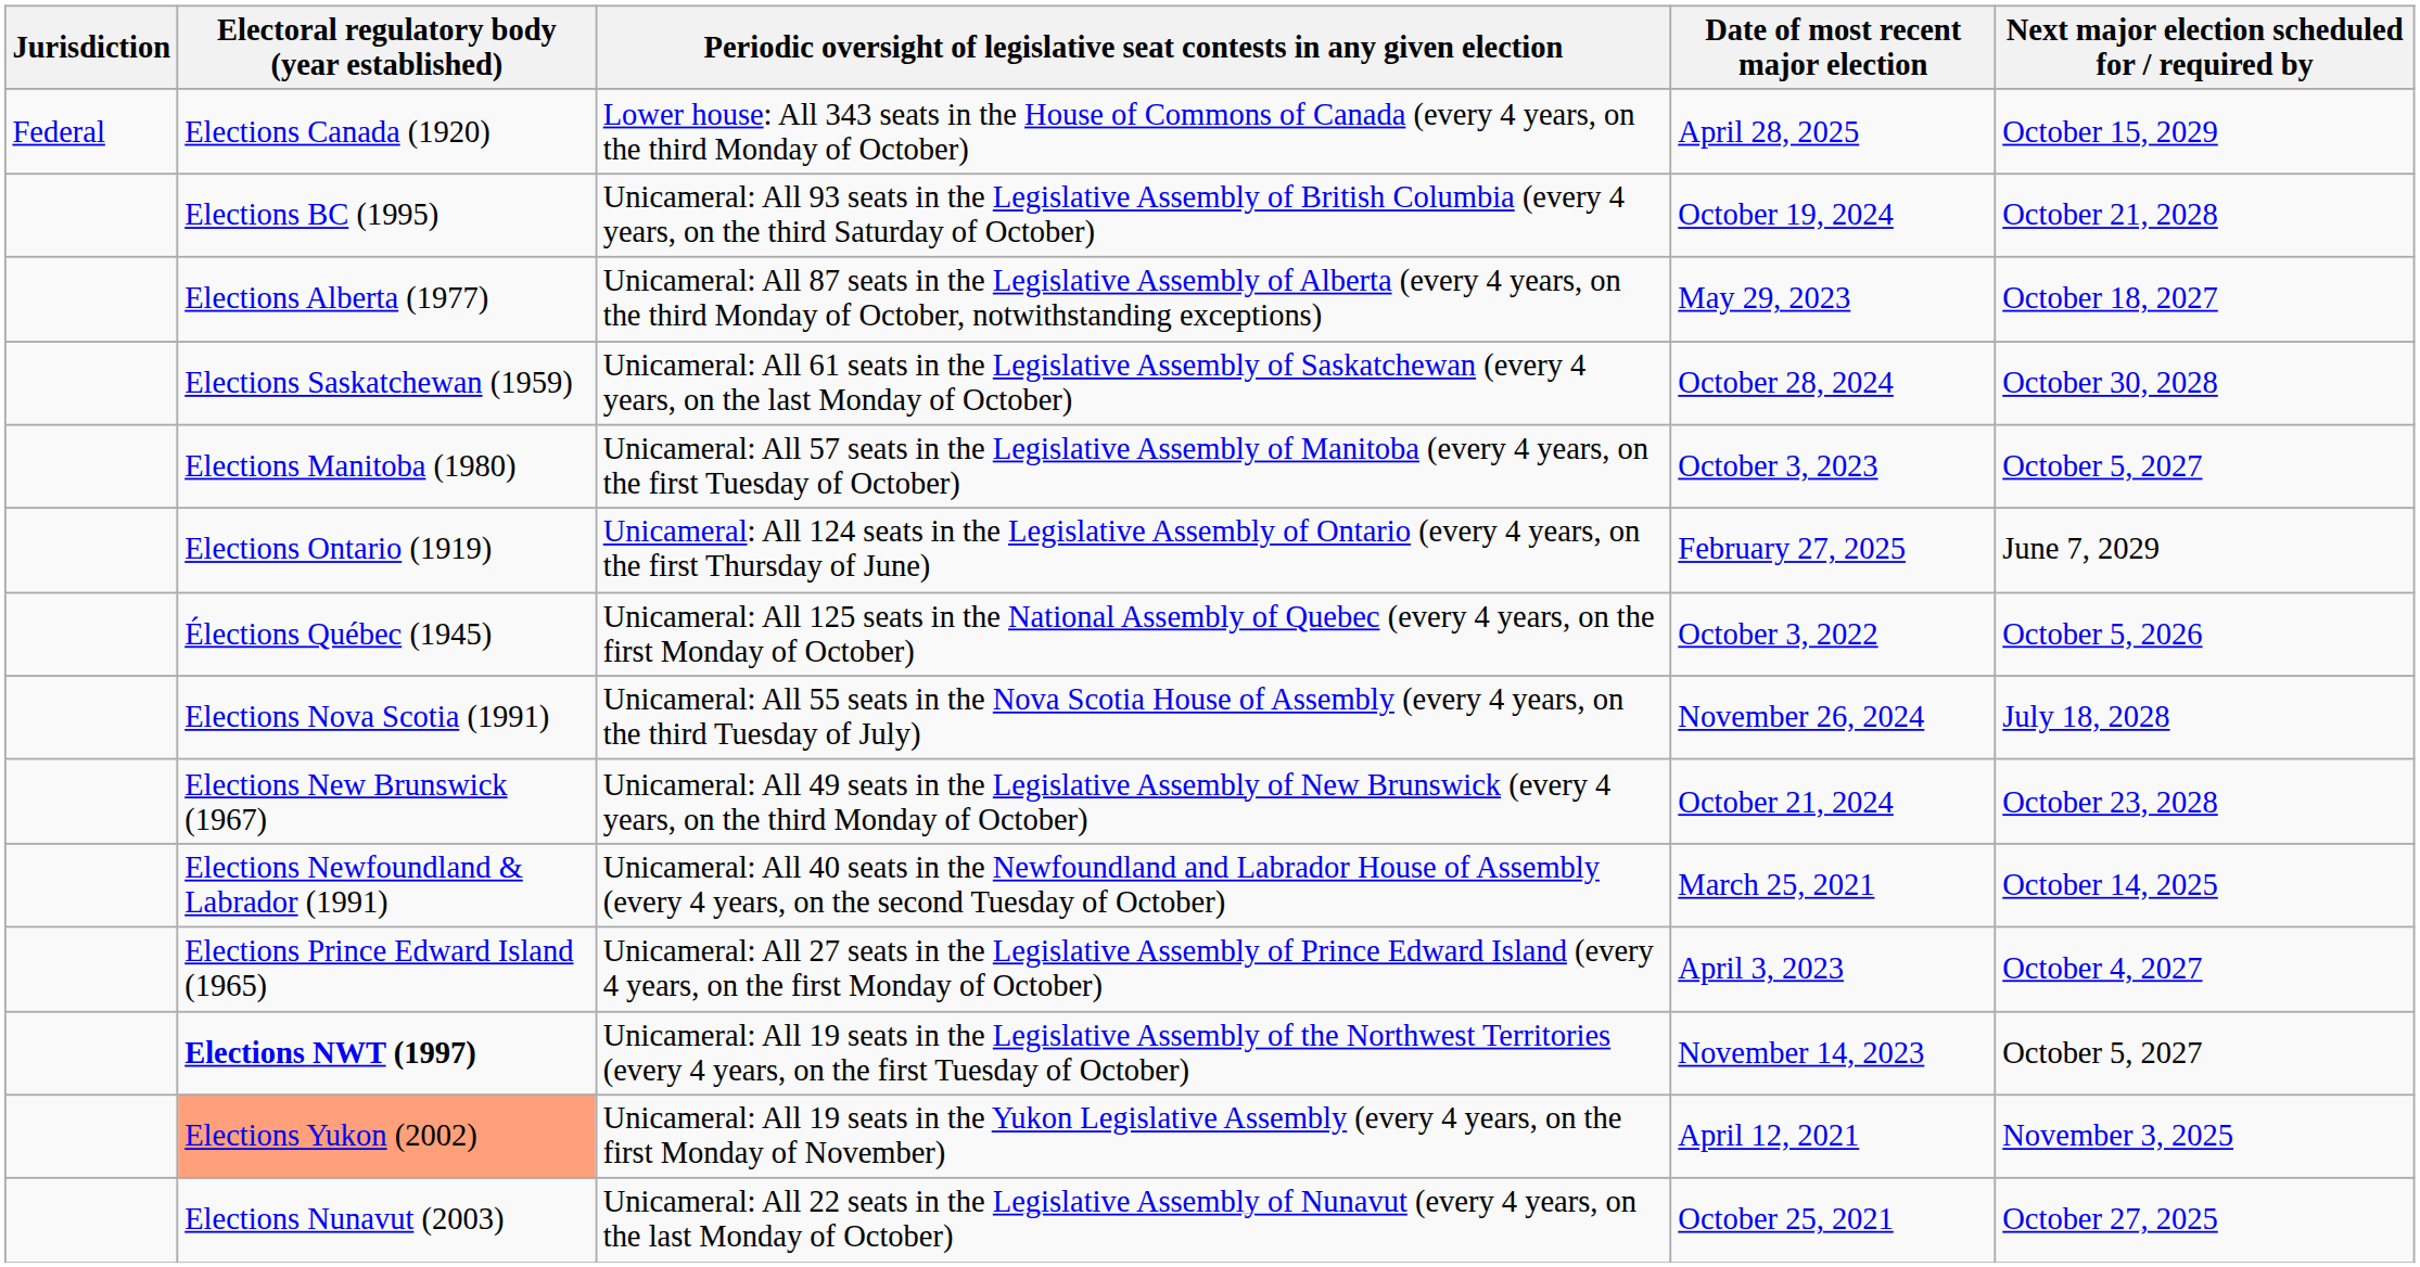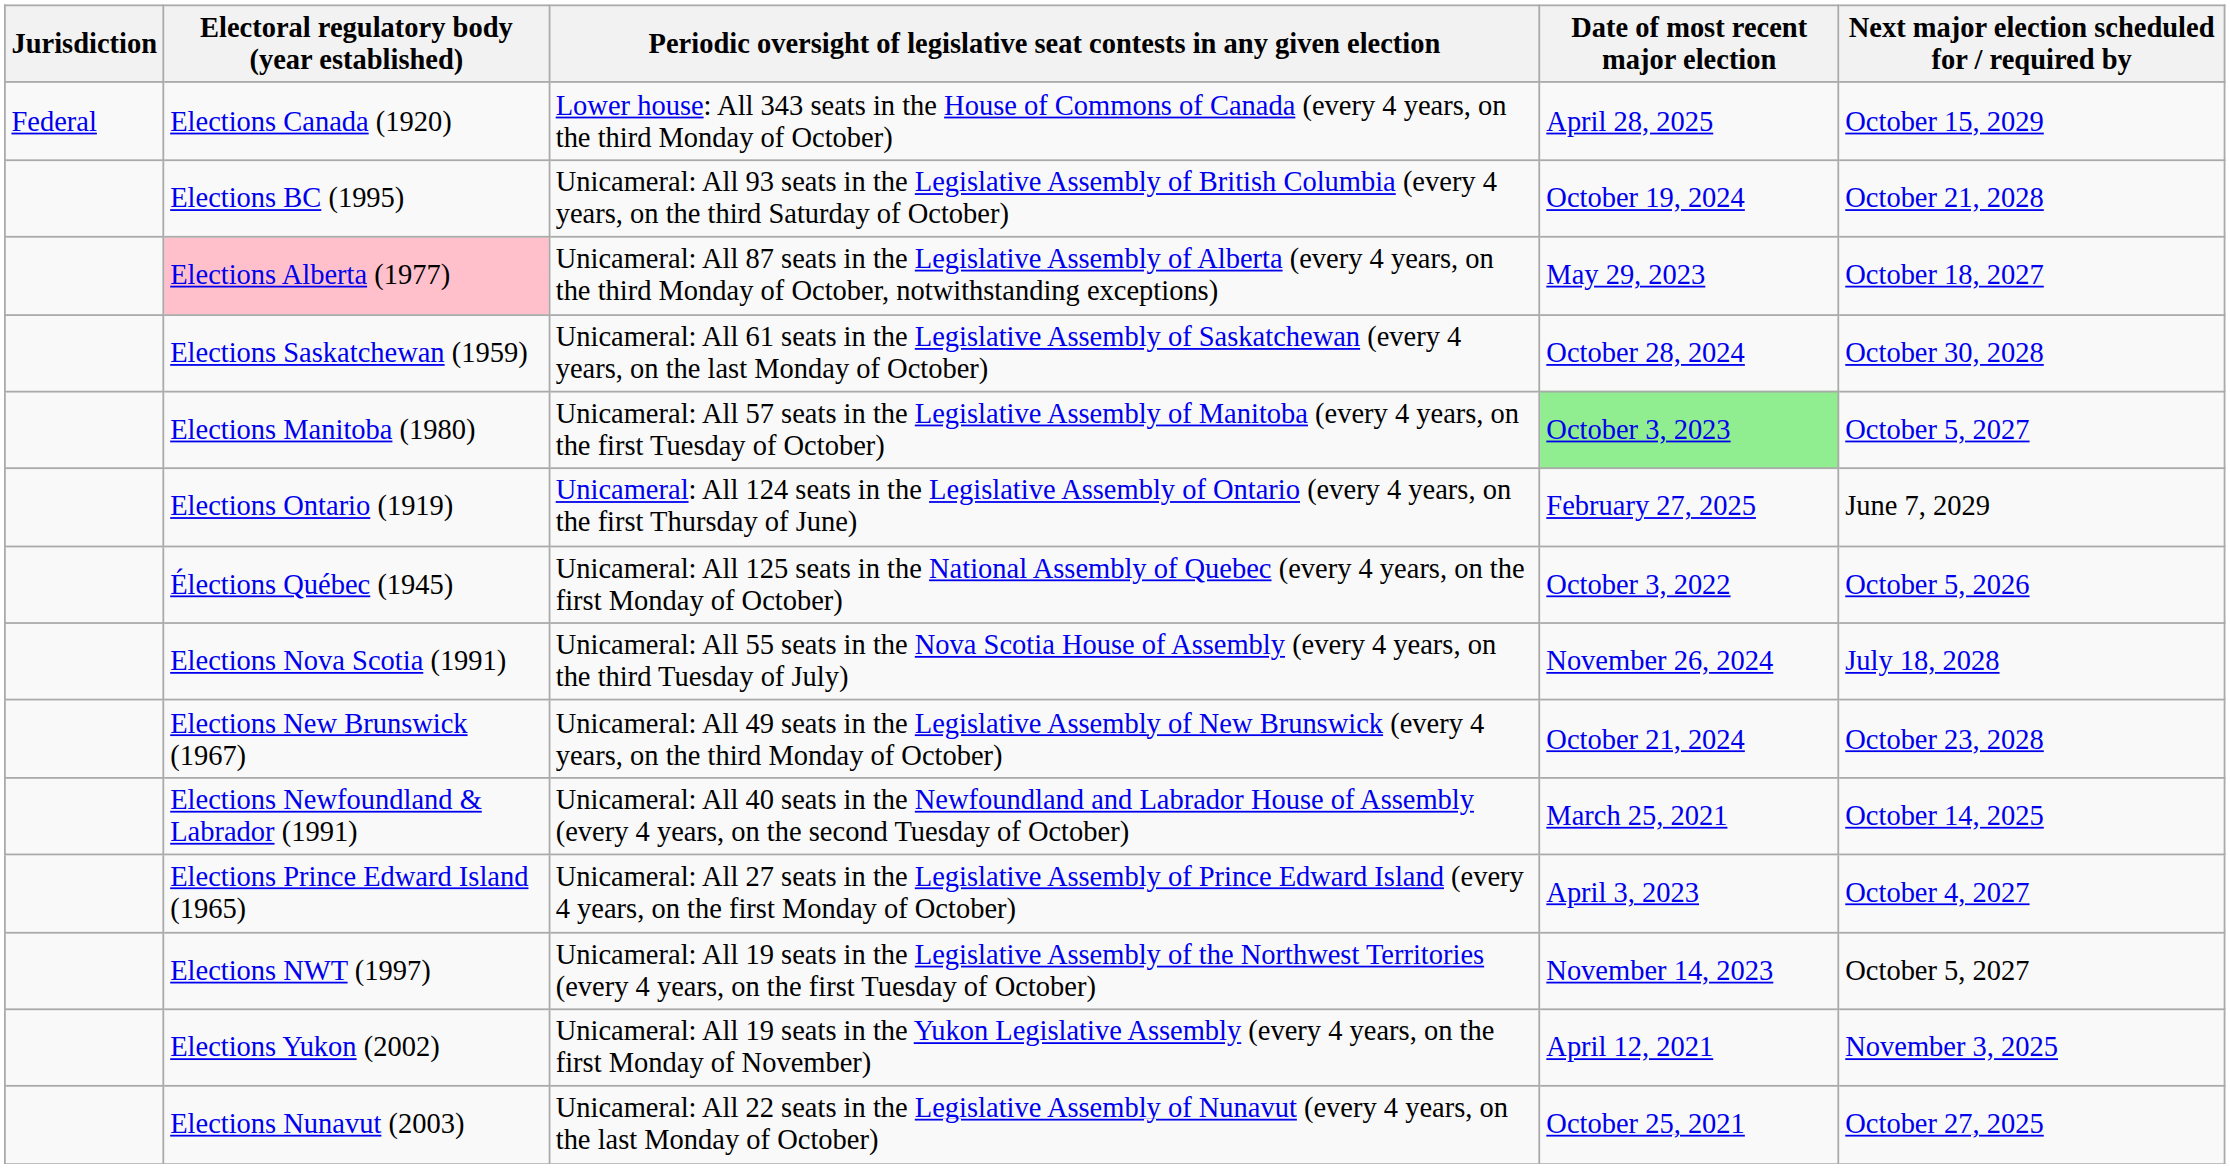 <table class="wikitable sortable" border="1" style="float: left;">
 <tr>
 <th>Jurisdiction</th>
 <th>Electoral regulatory body (year established)</th>
 <th>Periodic oversight of legislative seat contests in any given election</th>
 <th>Date of most recent major election</th>
 <th>Next major election scheduled for / required by</th>
 </tr>
 <tr>
 <td> <a href='#'>Federal</a></td>
 <td><a href='#'>Elections Canada</a> (1920)</td>
 <td><a href='#'>Lower house</a>: All 343 seats in the <a href='#'>House of Commons of Canada</a> (every 4 years, on the third Monday of October)</td>
 <td><a href='#'>April 28, 2025</a></td>
 <td><a href='#'>October 15, 2029</a></td>
 </tr>
 <tr>
 <td></td>
 <td><a href='#'>Elections BC</a> (1995)</td>
 <td>Unicameral: All 93 seats in the <a href='#'>Legislative Assembly of British Columbia</a> (every 4 years, on the third Saturday of October)</td>
 <td><a href='#'>October 19, 2024</a></td>
 <td><a href='#'>October 21, 2028</a></td>
 </tr>
 <tr>
 <td></td>
-<td><a href='#'>Elections Alberta</a> (1977)</td>
+<td style="background: pink;"><a href='#'>Elections Alberta</a> (1977)</td>
 <td>Unicameral: All 87 seats in the <a href='#'>Legislative Assembly of Alberta</a> (every 4 years, on the third Monday of October, notwithstanding exceptions)</td>
 <td><a href='#'>May 29, 2023</a></td>
 <td><a href='#'>October 18, 2027</a></td>
 </tr>
 <tr>
 <td></td>
 <td><a href='#'>Elections Saskatchewan</a> (1959)</td>
 <td>Unicameral: All 61 seats in the <a href='#'>Legislative Assembly of Saskatchewan</a> (every 4 years, on the last Monday of October)</td>
 <td><a href='#'>October 28, 2024</a></td>
 <td><a href='#'>October 30, 2028</a></td>
 </tr>
 <tr>
 <td></td>
 <td><a href='#'>Elections Manitoba</a> (1980)</td>
 <td>Unicameral: All 57 seats in the <a href='#'>Legislative Assembly of Manitoba</a> (every 4 years, on the first Tuesday of October)</td>
-<td><a href='#'>October 3, 2023</a></td>
+<td style="background: lightgreen;"><a href='#'>October 3, 2023</a></td>
 <td><a href='#'>October 5, 2027</a></td>
 </tr>
 <tr>
 <td></td>
 <td><a href='#'>Elections Ontario</a> (1919)</td>
 <td><a href='#'>Unicameral</a>: All 124 seats in the <a href='#'>Legislative Assembly of Ontario</a> (every 4 years, on the first Thursday of June)</td>
 <td><a href='#'>February 27, 2025</a></td>
 <td>June 7, 2029</td>
 </tr>
 <tr>
 <td></td>
 <td><a href='#'>Élections Québec</a> (1945)</td>
 <td>Unicameral: All 125 seats in the <a href='#'>National Assembly of Quebec</a> (every 4 years, on the first Monday of October)</td>
 <td><a href='#'>October 3, 2022</a></td>
 <td><a href='#'>October 5, 2026</a></td>
 </tr>
 <tr>
 <td></td>
 <td><a href='#'>Elections Nova Scotia</a> (1991)</td>
 <td>Unicameral: All 55 seats in the <a href='#'>Nova Scotia House of Assembly</a> (every 4 years, on the third Tuesday of July)</td>
 <td><a href='#'>November 26, 2024</a></td>
 <td><a href='#'>July 18, 2028</a></td>
 </tr>
 <tr>
 <td></td>
 <td><a href='#'>Elections New Brunswick</a> (1967)</td>
 <td>Unicameral: All 49 seats in the <a href='#'>Legislative Assembly of New Brunswick</a> (every 4 years, on the third Monday of October)</td>
 <td><a href='#'>October 21, 2024</a></td>
 <td><a href='#'>October 23, 2028</a></td>
 </tr>
 <tr>
 <td></td>
 <td><a href='#'>Elections Newfoundland & Labrador</a> (1991)</td>
 <td>Unicameral: All 40 seats in the <a href='#'>Newfoundland and Labrador House of Assembly</a> (every 4 years, on the second Tuesday of October)</td>
 <td><a href='#'>March 25, 2021</a></td>
 <td><a href='#'>October 14, 2025</a></td>
 </tr>
 <tr>
 <td></td>
 <td><a href='#'>Elections Prince Edward Island</a> (1965)</td>
 <td>Unicameral: All 27 seats in the <a href='#'>Legislative Assembly of Prince Edward Island</a> (every 4 years, on the first Monday of October)</td>
 <td><a href='#'>April 3, 2023</a></td>
 <td><a href='#'>October 4, 2027</a></td>
 </tr>
 <tr>
 <td></td>
-<td><strong><a href='#'>Elections NWT</a> (1997)</strong></td>
+<td><a href='#'>Elections NWT</a> (1997)</td>
 <td>Unicameral: All 19 seats in the <a href='#'>Legislative Assembly of the Northwest Territories</a> (every 4 years, on the first Tuesday of October)</td>
 <td><a href='#'>November 14, 2023</a></td>
 <td>October 5, 2027</td>
 </tr>
 <tr>
 <td></td>
-<td style="background: lightsalmon;"><a href='#'>Elections Yukon</a> (2002)</td>
+<td><a href='#'>Elections Yukon</a> (2002)</td>
 <td>Unicameral: All 19 seats in the <a href='#'>Yukon Legislative Assembly</a> (every 4 years, on the first Monday of November)</td>
 <td><a href='#'>April 12, 2021</a></td>
 <td><a href='#'>November 3, 2025</a></td>
 </tr>
 <tr>
 <td></td>
 <td><a href='#'>Elections Nunavut</a> (2003)</td>
 <td>Unicameral: All 22 seats in the <a href='#'>Legislative Assembly of Nunavut</a> (every 4 years, on the last Monday of October)</td>
 <td><a href='#'>October 25, 2021</a></td>
 <td><a href='#'>October 27, 2025</a></td>
 </tr>
 </table>
